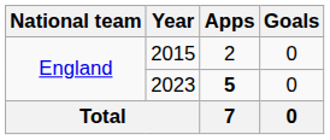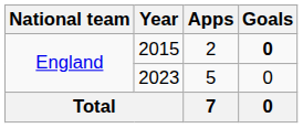 <table class="wikitable" style="text-align:center">
 <tr>
 <th>National team</th>
 <th>Year</th>
 <th>Apps</th>
 <th>Goals</th>
 </tr>
 <tr>
 <td rowspan="2"><a href='#'>England</a></td>
 <td>2015</td>
 <td>2</td>
-<td>0</td>
+<td><strong>0</strong></td>
 </tr>
 <tr>
 <td>2023</td>
-<td><strong>5</strong></td>
+<td>5</td>
 <td>0</td>
 </tr>
 <tr>
 <th colspan="2">Total</th>
 <th>7</th>
 <th>0</th>
 </tr>
 </table>
